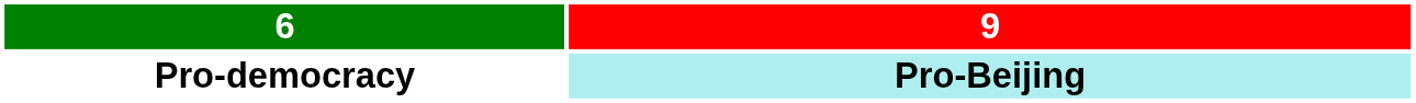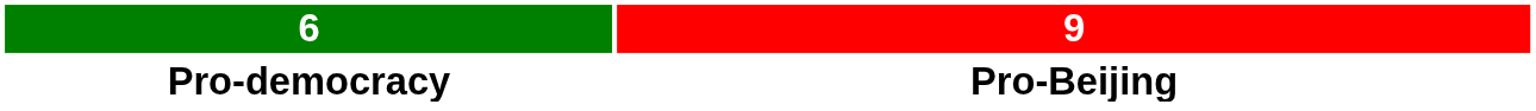 <table style="width:50%; text-align:center;">
 <tr style="color:white;">
 <td style="background:green; width:40%;"><strong>6</strong></td>
 <td style="background:red; width:60%;"><strong>9</strong></td>
 </tr>
 <tr>
 <td><span><strong>Pro-democracy</strong></span></td>
-<td style="background: paleturquoise;"><span><strong>Pro-Beijing</strong></span></td>
+<td><span><strong>Pro-Beijing</strong></span></td>
 </tr>
 </table>
